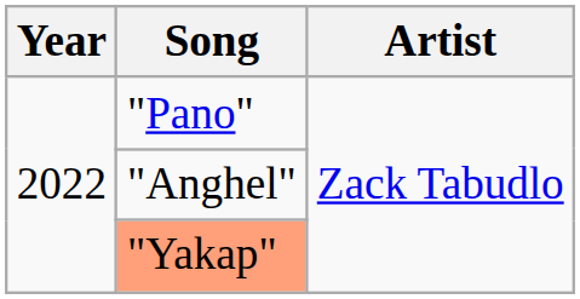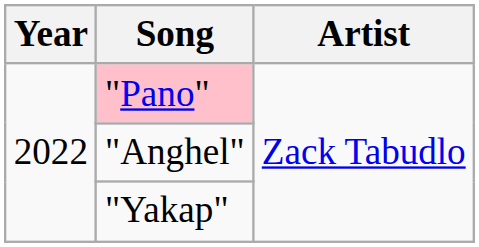 <table class="wikitable sortable" >
 <tr>
 <th>Year</th>
 <th>Song</th>
 <th>Artist</th>
 </tr>
 <tr>
 <td rowspan="3">2022</td>
-<td>"<a href='#'>Pano</a>"</td>
+<td style="background: pink;">"<a href='#'>Pano</a>"</td>
 <td rowspan="3"><a href='#'>Zack Tabudlo</a></td>
 </tr>
 <tr>
 <td>"Anghel"</td>
 </tr>
 <tr>
-<td style="background: lightsalmon;">"Yakap"</td>
+<td>"Yakap"</td>
 </tr>
 </table>
